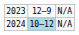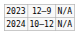 <table class="wikitable" style="text-align:center;">
 <tr>
 <td>2023</td>
 <td>12–9</td>
 <td>N/A</td>
 </tr>
 <tr>
 <td>2024</td>
-<td style="background: lightblue;">10–12</td>
+<td>10–12</td>
 <td>N/A</td>
 </tr>
 </table>
